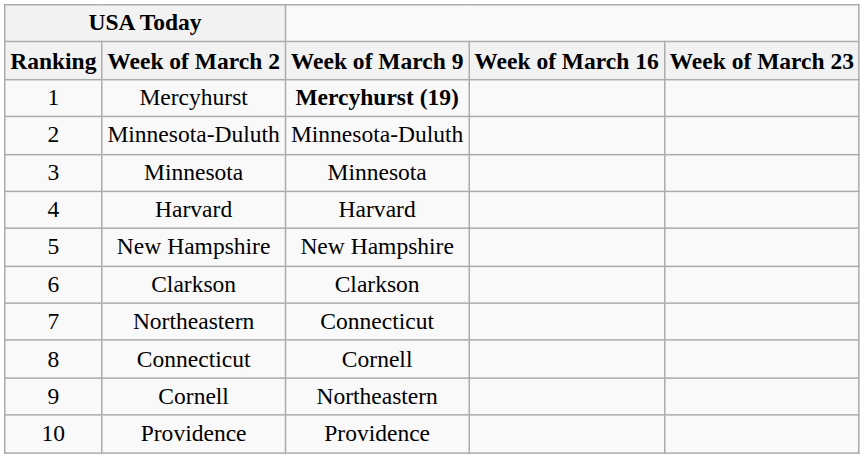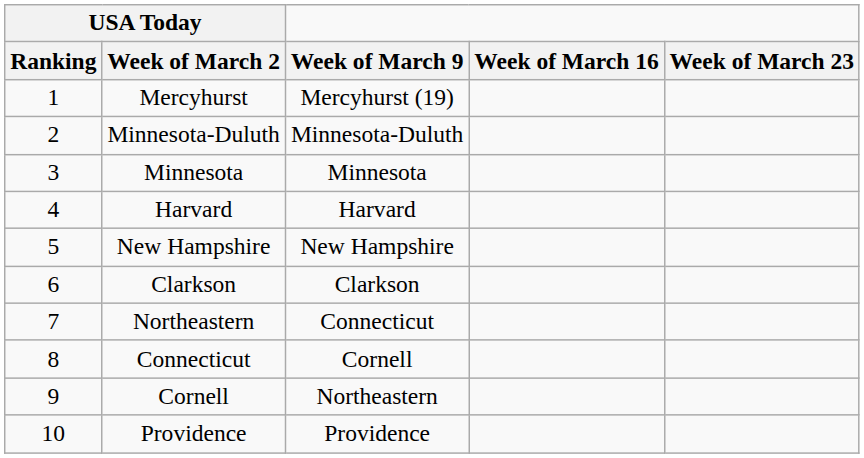 <table class="wikitable" style="text-align:center;">
 <tr>
 <th colspan=2><strong>USA Today</strong></th>
 </tr>
 <tr>
 <th>Ranking</th>
 <th>Week of March 2</th>
 <th>Week of March 9</th>
 <th>Week of March 16</th>
 <th>Week of March 23</th>
 </tr>
 <tr>
 <td>1</td>
 <td>Mercyhurst</td>
-<td><strong>Mercyhurst (19)</strong></td>
+<td>Mercyhurst (19)</td>
 <td></td>
 <td></td>
 </tr>
 <tr>
 <td>2</td>
 <td>Minnesota-Duluth</td>
 <td>Minnesota-Duluth</td>
 <td></td>
 <td></td>
 </tr>
 <tr>
 <td>3</td>
 <td>Minnesota</td>
 <td>Minnesota</td>
 <td></td>
 <td></td>
 </tr>
 <tr>
 <td>4</td>
 <td>Harvard</td>
 <td>Harvard</td>
 <td></td>
 <td></td>
 </tr>
 <tr>
 <td>5</td>
 <td>New Hampshire</td>
 <td>New Hampshire</td>
 <td></td>
 <td></td>
 </tr>
 <tr>
 <td>6</td>
 <td>Clarkson</td>
 <td>Clarkson</td>
 <td></td>
 <td></td>
 </tr>
 <tr>
 <td>7</td>
 <td>Northeastern</td>
 <td>Connecticut</td>
 <td></td>
 <td></td>
 </tr>
 <tr>
 <td>8</td>
 <td>Connecticut</td>
 <td>Cornell</td>
 <td></td>
 <td></td>
 </tr>
 <tr>
 <td>9</td>
 <td>Cornell</td>
 <td>Northeastern</td>
 <td></td>
 <td></td>
 </tr>
 <tr>
 <td>10</td>
 <td>Providence</td>
 <td>Providence</td>
 <td></td>
 <td></td>
 </tr>
 </table>
